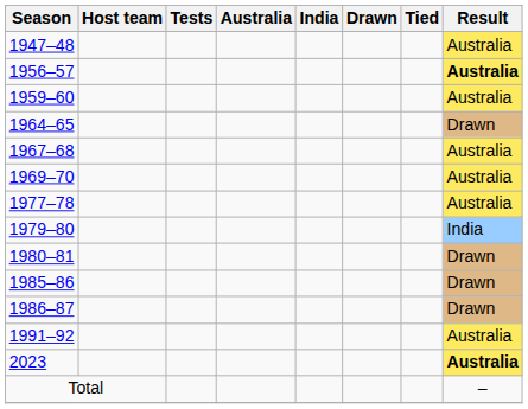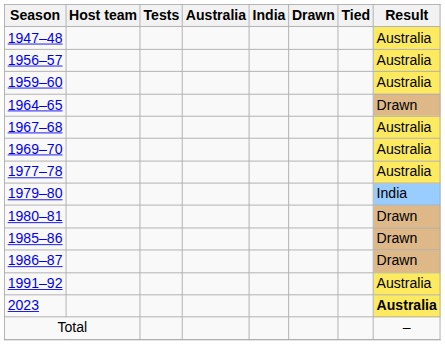 <table class="wikitable sortable">
 <tr>
 <th scope="col">Season</th>
 <th scope="col">Host team</th>
 <th scope="col">Tests</th>
 <th scope="col">Australia</th>
 <th scope="col">India</th>
 <th scope="col">Drawn</th>
 <th scope="col">Tied</th>
 <th scope="col" class="unsortable">Result</th>
 </tr>
 <tr>
 <td><a href='#'>1947–48</a></td>
 <td></td>
 <td></td>
 <td></td>
 <td></td>
 <td></td>
 <td></td>
 <td bgcolor="#fdea60">Australia</td>
 </tr>
 <tr>
 <td><a href='#'>1956–57</a></td>
 <td></td>
 <td></td>
 <td></td>
 <td></td>
 <td></td>
 <td></td>
-<td bgcolor="#fdea60"><strong>Australia</strong></td>
+<td bgcolor="#fdea60">Australia</td>
 </tr>
 <tr>
 <td><a href='#'>1959–60</a></td>
 <td></td>
 <td></td>
 <td></td>
 <td></td>
 <td></td>
 <td></td>
 <td bgcolor="#fdea60">Australia</td>
 </tr>
 <tr>
 <td><a href='#'>1964–65</a></td>
 <td></td>
 <td></td>
 <td></td>
 <td></td>
 <td></td>
 <td></td>
 <td bgcolor="#deb887">Drawn</td>
 </tr>
 <tr>
 <td><a href='#'>1967–68</a></td>
 <td></td>
 <td></td>
 <td></td>
 <td></td>
 <td></td>
 <td></td>
 <td bgcolor="#fdea60">Australia</td>
 </tr>
 <tr>
 <td><a href='#'>1969–70</a></td>
 <td></td>
 <td></td>
 <td></td>
 <td></td>
 <td></td>
 <td></td>
 <td bgcolor="#fdea60">Australia</td>
 </tr>
 <tr>
 <td><a href='#'>1977–78</a></td>
 <td></td>
 <td></td>
 <td></td>
 <td></td>
 <td></td>
 <td></td>
 <td bgcolor="#fdea60">Australia</td>
 </tr>
 <tr>
 <td><a href='#'>1979–80</a></td>
 <td></td>
 <td></td>
 <td></td>
 <td></td>
 <td></td>
 <td></td>
 <td bgcolor="#99ccff">India</td>
 </tr>
 <tr>
 <td><a href='#'>1980–81</a></td>
 <td></td>
 <td></td>
 <td></td>
 <td></td>
 <td></td>
 <td></td>
 <td bgcolor="#deb887">Drawn</td>
 </tr>
 <tr>
 <td><a href='#'>1985–86</a></td>
 <td></td>
 <td></td>
 <td></td>
 <td></td>
 <td></td>
 <td></td>
 <td bgcolor="#deb887">Drawn</td>
 </tr>
 <tr>
 <td><a href='#'>1986–87</a></td>
 <td></td>
 <td></td>
 <td></td>
 <td></td>
 <td></td>
 <td></td>
 <td bgcolor="#deb887">Drawn</td>
 </tr>
 <tr>
 <td><a href='#'>1991–92</a></td>
 <td></td>
 <td></td>
 <td></td>
 <td></td>
 <td></td>
 <td></td>
 <td bgcolor="#fdea60">Australia</td>
 </tr>
 <tr>
 <td><a href='#'>2023</a></td>
 <td></td>
 <td></td>
 <td></td>
 <td></td>
 <td></td>
 <td></td>
 <td bgcolor="#fdea60"><strong>Australia</strong></td>
 </tr>
 <tr>
 <td colspan="2" align="center" style="bold">Total</td>
 <td></td>
 <td></td>
 <td></td>
 <td></td>
 <td></td>
 <td colspan="4" align="center">–</td>
 </tr>
 <tr>
 </tr>
 </table>
